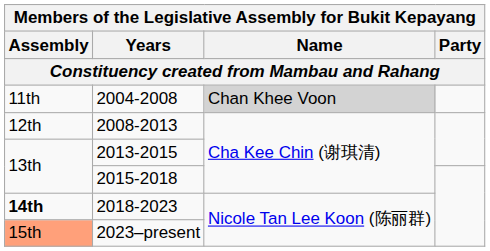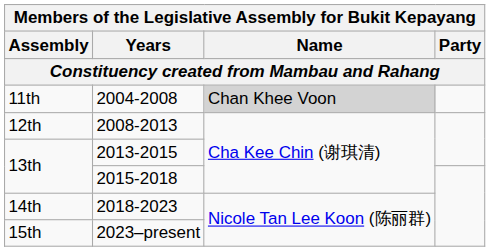 <table class="wikitable">
 <tr>
 <th colspan="4">Members of the Legislative Assembly for Bukit Kepayang</th>
 </tr>
 <tr>
 <th>Assembly</th>
 <th>Years</th>
 <th>Name</th>
 <th>Party</th>
 </tr>
 <tr>
 <th colspan="4"><em>Constituency created from Mambau and Rahang</em></th>
 </tr>
 <tr>
 <td>11th</td>
 <td>2004-2008</td>
 <td style="background: lightgrey;">Chan Khee Voon</td>
 <td></td>
 </tr>
 <tr>
 <td>12th</td>
 <td>2008-2013</td>
 <td rowspan=3><a href='#'>Cha Kee Chin</a> (谢琪清)</td>
 <td rowspan=2></td>
 </tr>
 <tr>
 <td rowspan=2>13th</td>
 <td>2013-2015</td>
 </tr>
 <tr>
 <td>2015-2018</td>
 <td rowspan=3></td>
 </tr>
 <tr>
-<td><strong>14th</strong></td>
+<td>14th</td>
 <td>2018-2023</td>
 <td rowspan="2"><a href='#'>Nicole Tan Lee Koon</a> (陈丽群)</td>
 </tr>
 <tr>
-<td style="background: lightsalmon;">15th</td>
+<td>15th</td>
 <td>2023–present</td>
 </tr>
 </table>
